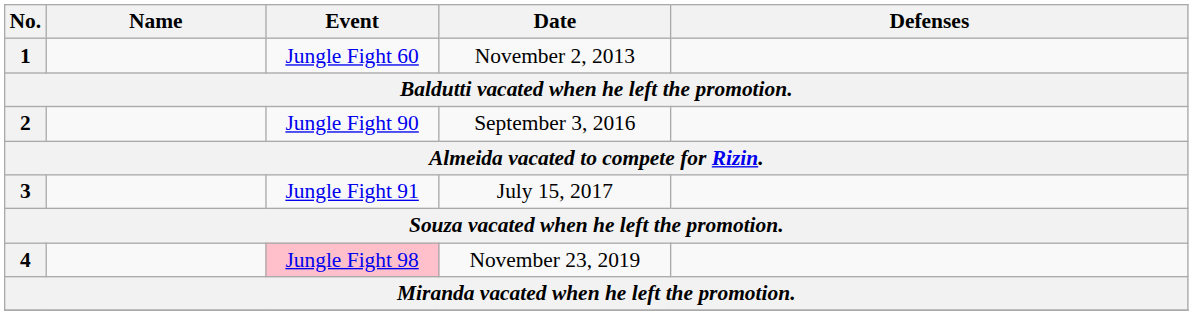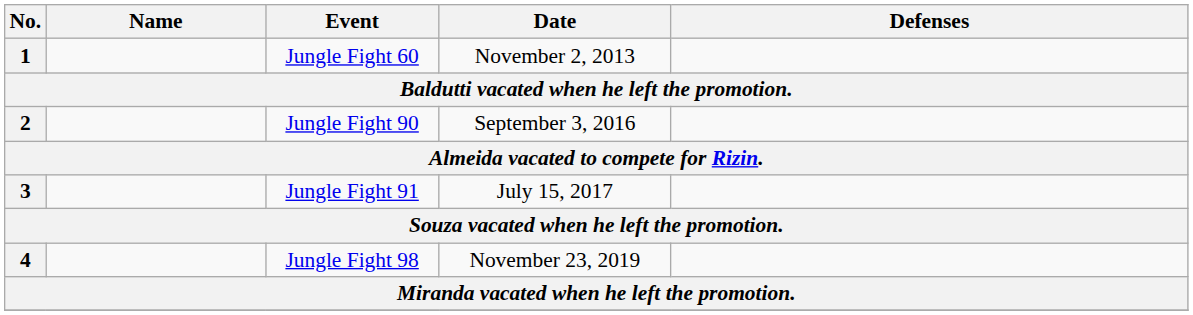 <table class="wikitable" width=100%>
 <tr>
 <th width=1%>No.</th>
 <th width=19%>Name</th>
 <th width=15%>Event</th>
 <th width=20%>Date</th>
 <th width=45%>Defenses</th>
 </tr>
 <tr>
 <th>1</th>
 <td align=left><br></td>
 <td align=center><a href='#'>Jungle Fight 60</a><br></td>
 <td align=center>November 2, 2013</td>
 <td></td>
 </tr>
 <tr>
 <th colspan=6 align=center><em>Baldutti vacated when he left the promotion.</em></th>
 </tr>
 <tr>
 <th>2</th>
 <td align=left><br></td>
 <td align=center><a href='#'>Jungle Fight 90</a><br></td>
 <td align=center>September 3, 2016</td>
 <td></td>
 </tr>
 <tr>
 <th colspan=6 align=center><em>Almeida vacated to compete for <a href='#'>Rizin</a>.</em></th>
 </tr>
 <tr>
 <th>3</th>
 <td align=left><br></td>
 <td align=center><a href='#'>Jungle Fight 91</a><br></td>
 <td align=center>July 15, 2017</td>
 <td></td>
 </tr>
 <tr>
 <th colspan=6 align=center><em>Souza vacated when he left the promotion.</em></th>
 </tr>
 <tr>
 <th>4</th>
 <td align=left><br></td>
-<td align=center style="background: pink;"><a href='#'>Jungle Fight 98</a><br></td>
+<td align=center><a href='#'>Jungle Fight 98</a><br></td>
 <td align=center>November 23, 2019</td>
 <td></td>
 </tr>
 <tr>
 <th colspan=6 align=center><em>Miranda vacated when he left the promotion.</em></th>
 </tr>
 <tr>
 </tr>
 </table>
